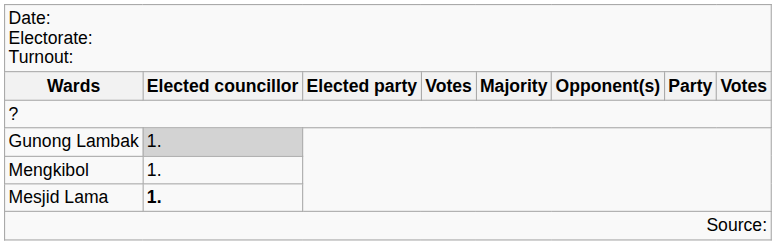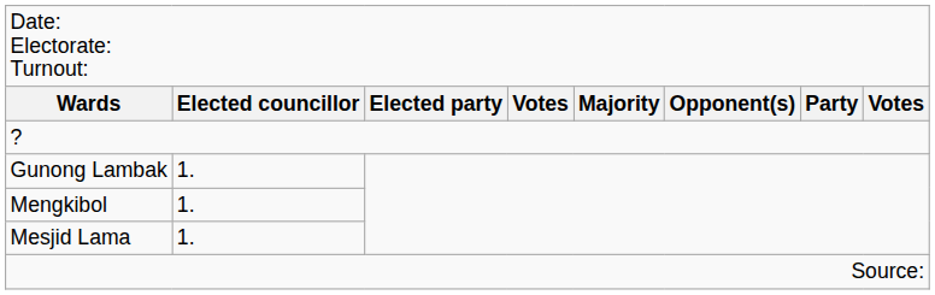 <table class=wikitable>
 <tr>
 <td colspan=8>Date: <br>Electorate: <br>Turnout:</td>
 </tr>
 <tr>
 <th>Wards</th>
 <th>Elected councillor</th>
 <th>Elected party</th>
 <th>Votes</th>
 <th>Majority</th>
 <th>Opponent(s)</th>
 <th>Party</th>
 <th>Votes</th>
 </tr>
 <tr>
 <td colspan=8>? </td>
 </tr>
 <tr>
 <td>Gunong Lambak</td>
-<td style="background: lightgrey;">1.</td>
+<td>1.</td>
 </tr>
 <tr>
 <td>Mengkibol</td>
 <td>1.</td>
 </tr>
 <tr>
 <td>Mesjid Lama</td>
-<td><strong>1.</strong></td>
+<td>1.</td>
 </tr>
 <tr>
 <td colspan=8 align=right>Source:</td>
 </tr>
 </table>
